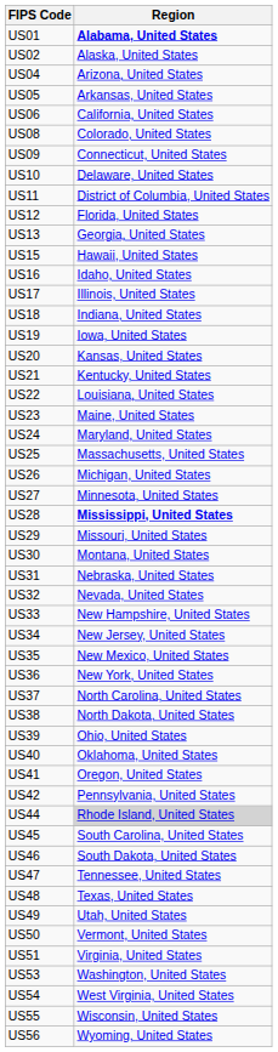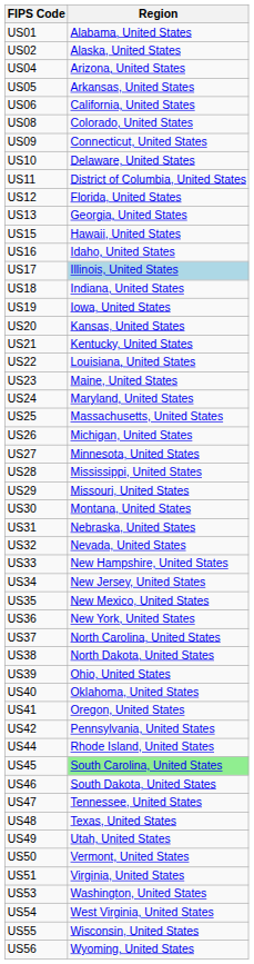 <table class="wikitable">
 <tr>
 <th>FIPS Code</th>
 <th>Region</th>
 </tr>
 <tr>
 <td>US01</td>
-<td><strong><a href='#'>Alabama, United States</a></strong></td>
+<td><a href='#'>Alabama, United States</a></td>
 </tr>
 <tr>
 <td>US02</td>
 <td><a href='#'>Alaska, United States</a></td>
 </tr>
 <tr>
 <td>US04</td>
 <td><a href='#'>Arizona, United States</a></td>
 </tr>
 <tr>
 <td>US05</td>
 <td><a href='#'>Arkansas, United States</a></td>
 </tr>
 <tr>
 <td>US06</td>
 <td><a href='#'>California, United States</a></td>
 </tr>
 <tr>
 <td>US08</td>
 <td><a href='#'>Colorado, United States</a></td>
 </tr>
 <tr>
 <td>US09</td>
 <td><a href='#'>Connecticut, United States</a></td>
 </tr>
 <tr>
 <td>US10</td>
 <td><a href='#'>Delaware, United States</a></td>
 </tr>
 <tr>
 <td>US11</td>
 <td><a href='#'>District of Columbia, United States</a></td>
 </tr>
 <tr>
 <td>US12</td>
 <td><a href='#'>Florida, United States</a></td>
 </tr>
 <tr>
 <td>US13</td>
 <td><a href='#'>Georgia, United States</a></td>
 </tr>
 <tr>
 <td>US15</td>
 <td><a href='#'>Hawaii, United States</a></td>
 </tr>
 <tr>
 <td>US16</td>
 <td><a href='#'>Idaho, United States</a></td>
 </tr>
 <tr>
 <td>US17</td>
-<td><a href='#'>Illinois, United States</a></td>
+<td style="background: lightblue;"><a href='#'>Illinois, United States</a></td>
 </tr>
 <tr>
 <td>US18</td>
 <td><a href='#'>Indiana, United States</a></td>
 </tr>
 <tr>
 <td>US19</td>
 <td><a href='#'>Iowa, United States</a></td>
 </tr>
 <tr>
 <td>US20</td>
 <td><a href='#'>Kansas, United States</a></td>
 </tr>
 <tr>
 <td>US21</td>
 <td><a href='#'>Kentucky, United States</a></td>
 </tr>
 <tr>
 <td>US22</td>
 <td><a href='#'>Louisiana, United States</a></td>
 </tr>
 <tr>
 <td>US23</td>
 <td><a href='#'>Maine, United States</a></td>
 </tr>
 <tr>
 <td>US24</td>
 <td><a href='#'>Maryland, United States</a></td>
 </tr>
 <tr>
 <td>US25</td>
 <td><a href='#'>Massachusetts, United States</a></td>
 </tr>
 <tr>
 <td>US26</td>
 <td><a href='#'>Michigan, United States</a></td>
 </tr>
 <tr>
 <td>US27</td>
 <td><a href='#'>Minnesota, United States</a></td>
 </tr>
 <tr>
 <td>US28</td>
-<td><strong><a href='#'>Mississippi, United States</a></strong></td>
+<td><a href='#'>Mississippi, United States</a></td>
 </tr>
 <tr>
 <td>US29</td>
 <td><a href='#'>Missouri, United States</a></td>
 </tr>
 <tr>
 <td>US30</td>
 <td><a href='#'>Montana, United States</a></td>
 </tr>
 <tr>
 <td>US31</td>
 <td><a href='#'>Nebraska, United States</a></td>
 </tr>
 <tr>
 <td>US32</td>
 <td><a href='#'>Nevada, United States</a></td>
 </tr>
 <tr>
 <td>US33</td>
 <td><a href='#'>New Hampshire, United States</a></td>
 </tr>
 <tr>
 <td>US34</td>
 <td><a href='#'>New Jersey, United States</a></td>
 </tr>
 <tr>
 <td>US35</td>
 <td><a href='#'>New Mexico, United States</a></td>
 </tr>
 <tr>
 <td>US36</td>
 <td><a href='#'>New York, United States</a></td>
 </tr>
 <tr>
 <td>US37</td>
 <td><a href='#'>North Carolina, United States</a></td>
 </tr>
 <tr>
 <td>US38</td>
 <td><a href='#'>North Dakota, United States</a></td>
 </tr>
 <tr>
 <td>US39</td>
 <td><a href='#'>Ohio, United States</a></td>
 </tr>
 <tr>
 <td>US40</td>
 <td><a href='#'>Oklahoma, United States</a></td>
 </tr>
 <tr>
 <td>US41</td>
 <td><a href='#'>Oregon, United States</a></td>
 </tr>
 <tr>
 <td>US42</td>
 <td><a href='#'>Pennsylvania, United States</a></td>
 </tr>
 <tr>
 <td>US44</td>
-<td style="background: lightgrey;"><a href='#'>Rhode Island, United States</a></td>
+<td><a href='#'>Rhode Island, United States</a></td>
 </tr>
 <tr>
 <td>US45</td>
-<td><a href='#'>South Carolina, United States</a></td>
+<td style="background: lightgreen;"><a href='#'>South Carolina, United States</a></td>
 </tr>
 <tr>
 <td>US46</td>
 <td><a href='#'>South Dakota, United States</a></td>
 </tr>
 <tr>
 <td>US47</td>
 <td><a href='#'>Tennessee, United States</a></td>
 </tr>
 <tr>
 <td>US48</td>
 <td><a href='#'>Texas, United States</a></td>
 </tr>
 <tr>
 <td>US49</td>
 <td><a href='#'>Utah, United States</a></td>
 </tr>
 <tr>
 <td>US50</td>
 <td><a href='#'>Vermont, United States</a></td>
 </tr>
 <tr>
 <td>US51</td>
 <td><a href='#'>Virginia, United States</a></td>
 </tr>
 <tr>
 <td>US53</td>
 <td><a href='#'>Washington, United States</a></td>
 </tr>
 <tr>
 <td>US54</td>
 <td><a href='#'>West Virginia, United States</a></td>
 </tr>
 <tr>
 <td>US55</td>
 <td><a href='#'>Wisconsin, United States</a></td>
 </tr>
 <tr>
 <td>US56</td>
 <td><a href='#'>Wyoming, United States</a></td>
 </tr>
 </table>
